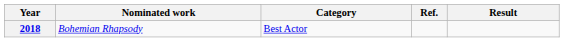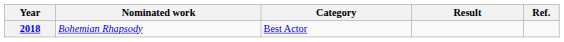 <table class="wikitable">
 <tr>
 <th width=2%>Year</th>
 <th width=11%>Nominated work</th>
 <th width=8%>Category</th>
+<th width=6%>Result</th>
 <th width=1%>Ref.</th>
-<th width=6%>Result</th>
 </tr>
 <tr>
 <th scope=row><a href='#'>2018</a></th>
 <td><em><a href='#'>Bohemian Rhapsody</a></em></td>
 <td><a href='#'>Best Actor</a></td>
+<td></td>
 <td style="text-align:center;"></td>
-<td></td>
 </tr>
 </table>
